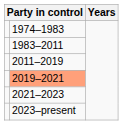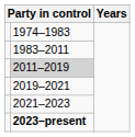 <table class="wikitable">
 <tr>
 <th colspan=2>Party in control</th>
 <th>Years</th>
 </tr>
 <tr>
 <td></td>
 <td>1974–1983</td>
 </tr>
 <tr>
 <td></td>
 <td>1983–2011</td>
 </tr>
 <tr>
 <td></td>
-<td>2011–2019</td>
+<td style="background: lightgrey;">2011–2019</td>
 </tr>
 <tr>
 <td></td>
-<td style="background: lightsalmon;">2019–2021</td>
+<td>2019–2021</td>
 </tr>
 <tr>
 <td></td>
 <td>2021–2023</td>
 </tr>
 <tr>
 <td></td>
-<td>2023–present</td>
+<td><strong>2023–present</strong></td>
 </tr>
 </table>
